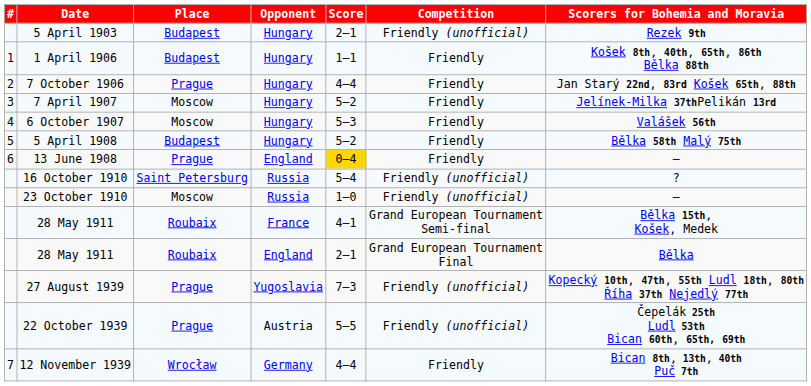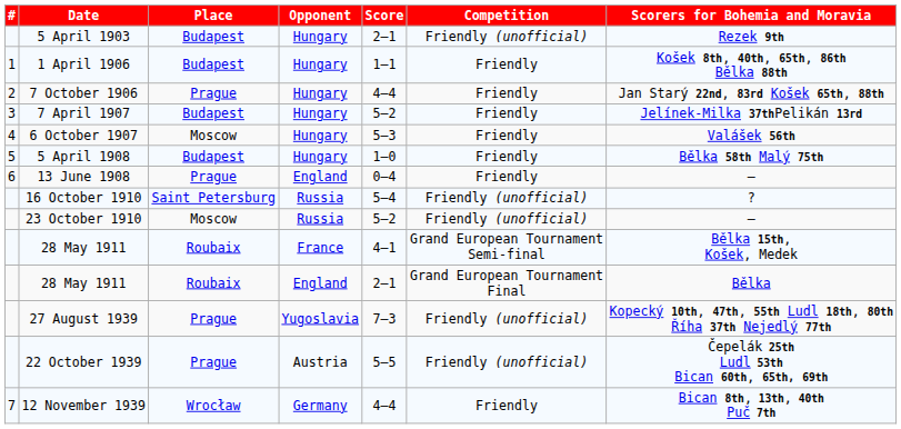 <table class="wikitable" style="margin-right:auto; margin-left:auto; text-align:center">
 <tr>
 <th style="color:#ffffff; background:#ff0000;" scope="col">#</th>
 <th style="color:#ffffff; background:#ff0000;" scope="col">Date</th>
 <th style="color:#ffffff; background:#ff0000;" scope="col">Place</th>
 <th style="color:#ffffff; background:#ff0000;" scope="col">Opponent</th>
 <th style="color:#ffffff; background:#ff0000;" scope="col">Score</th>
 <th style="color:#ffffff; background:#ff0000;" scope="col">Competition</th>
 <th style="color:#ffffff; background:#ff0000;" scope="col">Scorers for Bohemia and Moravia</th>
 </tr>
 <tr align=center bgcolor=#F5FAFF>
 <td></td>
 <td>5 April 1903</td>
 <td><a href='#'>Budapest</a></td>
 <td><a href='#'>Hungary</a></td>
 <td>2–1</td>
 <td>Friendly <em>(unofficial)</em></td>
 <td><a href='#'>Rezek</a> <small><strong>9th</strong></small></td>
 </tr>
 <tr align=center bgcolor=#F5FAFF>
 <td>1</td>
 <td>1 April 1906</td>
 <td><a href='#'>Budapest</a></td>
 <td><a href='#'>Hungary</a></td>
 <td>1–1</td>
 <td>Friendly</td>
 <td><a href='#'>Košek</a> <small><strong>8th</strong></small>, <small><strong>40th</strong></small>, <small><strong>65th</strong></small>, <small><strong>86th</strong></small><br><a href='#'>Bělka</a> <small><strong>88th</strong></small></td>
 </tr>
 <tr align=center>
 <td>2</td>
 <td>7 October 1906</td>
 <td><a href='#'>Prague</a></td>
 <td><a href='#'>Hungary</a></td>
 <td>4–4</td>
 <td>Friendly</td>
 <td>Jan Starý <small><strong>22nd</strong></small>, <small><strong>83rd</strong></small> <a href='#'>Košek</a> <small><strong>65th</strong></small>, <small><strong>88th</strong></small></td>
 </tr>
 <tr align=center bgcolor=#F5FAFF>
 <td>3</td>
 <td>7 April 1907</td>
-<td>Moscow</td>
+<td><a href='#'>Budapest</a></td>
 <td><a href='#'>Hungary</a></td>
 <td>5–2</td>
 <td>Friendly</td>
 <td><a href='#'>Jelínek-Milka</a> <small><strong>37th</strong></small>Pelikán <small><strong>13rd</strong></small></td>
 </tr>
 <tr align=center>
 <td>4</td>
 <td>6 October 1907</td>
 <td>Moscow</td>
 <td><a href='#'>Hungary</a></td>
 <td>5–3</td>
 <td>Friendly</td>
 <td><a href='#'>Valášek</a> <small><strong>56th</strong></small></td>
 </tr>
 <tr align=center bgcolor=#F5FAFF>
 <td>5</td>
 <td>5 April 1908</td>
 <td><a href='#'>Budapest</a></td>
 <td><a href='#'>Hungary</a></td>
-<td>5–2</td>
+<td>1–0</td>
 <td>Friendly</td>
 <td><a href='#'>Bělka</a> <small><strong>58th</strong></small> <a href='#'>Malý</a> <small><strong>75th</strong></small></td>
 </tr>
 <tr align=center>
 <td>6</td>
 <td>13 June 1908</td>
 <td><a href='#'>Prague</a></td>
 <td><a href='#'>England</a></td>
-<td style="background: gold;">0–4</td>
+<td>0–4</td>
 <td>Friendly</td>
 <td>–</td>
 </tr>
 <tr align=center bgcolor=#F5FAFF>
 <td></td>
 <td>16 October 1910</td>
 <td><a href='#'>Saint Petersburg</a></td>
 <td><a href='#'>Russia</a></td>
 <td>5–4</td>
 <td>Friendly <em>(unofficial)</em></td>
 <td>?</td>
 </tr>
 <tr align=center>
 <td></td>
 <td>23 October 1910</td>
 <td>Moscow</td>
 <td><a href='#'>Russia</a></td>
-<td>1–0</td>
+<td>5–2</td>
 <td>Friendly <em>(unofficial)</em></td>
 <td>–</td>
 </tr>
 <tr align=center bgcolor=#F5FAFF>
 <td></td>
 <td>28 May 1911</td>
 <td><a href='#'>Roubaix</a></td>
 <td><a href='#'>France</a></td>
 <td>4–1</td>
 <td>Grand European Tournament<br>Semi-final</td>
 <td><a href='#'>Bělka</a> <small><strong>15th</strong></small>,<br><a href='#'>Košek</a>,  Medek</td>
 </tr>
 <tr>
 <td></td>
 <td>28 May 1911</td>
 <td><a href='#'>Roubaix</a></td>
 <td><a href='#'>England</a></td>
 <td>2–1</td>
 <td>Grand European Tournament<br>Final</td>
 <td><a href='#'>Bělka</a></td>
 </tr>
 <tr align=center>
 <td></td>
 <td>27 August 1939</td>
 <td><a href='#'>Prague</a></td>
 <td><a href='#'>Yugoslavia</a></td>
 <td>7–3</td>
 <td>Friendly <em>(unofficial)</em></td>
 <td><a href='#'>Kopecký</a> <small><strong>10th</strong></small>, <small><strong>47th</strong></small>, <small><strong>55th</strong></small> <a href='#'>Ludl</a> <small><strong>18th</strong></small>, <small><strong>80th</strong></small><br><a href='#'>Říha</a> <small><strong>37th</strong></small> <a href='#'>Nejedlý</a> <small><strong>77th</strong></small></td>
 </tr>
 <tr align=center bgcolor=#F5FAFF>
 <td></td>
 <td>22 October 1939</td>
 <td><a href='#'>Prague</a></td>
 <td>Austria</td>
 <td>5–5</td>
 <td>Friendly <em>(unofficial)</em></td>
 <td>Čepelák<small> <strong>25th</strong></small><br><a href='#'>Ludl</a><small> <strong>53th</strong></small><br><a href='#'>Bican</a> <small><strong>60th</strong></small>, <small><strong>65th,</strong></small> <small><strong>69th</strong></small></td>
 </tr>
 <tr align=center bgcolor=#F5FAFF>
 <td>7</td>
 <td>12 November 1939</td>
 <td><a href='#'>Wrocław</a></td>
 <td><a href='#'>Germany</a></td>
 <td>4–4</td>
 <td>Friendly</td>
 <td><a href='#'>Bican</a> <small><strong>8th</strong></small>,<small> <strong>13th</strong></small>,<small> <strong>40th</strong></small><br><a href='#'>Puč</a><small> <strong>7th</strong></small></td>
 </tr>
 </table>
